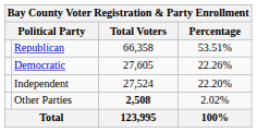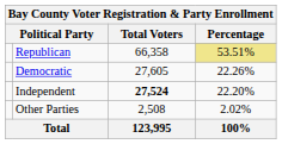 <table class=wikitable>
 <tr>
 <th colspan = 6>Bay County Voter Registration & Party Enrollment </th>
 </tr>
 <tr>
 <th colspan = 2>Political Party</th>
 <th>Total Voters</th>
 <th>Percentage</th>
 </tr>
 <tr>
 <td></td>
 <td><a href='#'>Republican</a></td>
 <td align = center>66,358</td>
-<td align = center>53.51%</td>
+<td align = center style="background: khaki;">53.51%</td>
 </tr>
 <tr>
 <td></td>
 <td><a href='#'>Democratic</a></td>
 <td align = center>27,605</td>
 <td align = center>22.26%</td>
 </tr>
 <tr>
 <td></td>
 <td>Independent</td>
-<td align = center>27,524</td>
+<td align = center><strong>27,524</strong></td>
 <td align = center>22.20%</td>
 </tr>
 <tr>
 <td></td>
 <td>Other Parties</td>
-<td align = center><strong>2,508</strong></td>
+<td align = center>2,508</td>
 <td align = center>2.02%</td>
 </tr>
 <tr>
 <th colspan = 2>Total</th>
 <th align = center>123,995</th>
 <th align = center>100%</th>
 </tr>
 </table>
